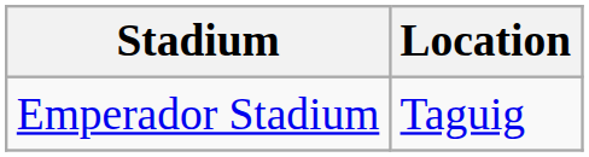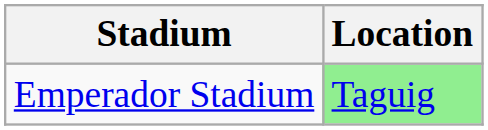 <table class="wikitable sortable">
 <tr>
 <th>Stadium</th>
 <th>Location</th>
 </tr>
 <tr>
 <td><a href='#'>Emperador Stadium</a></td>
-<td><a href='#'>Taguig</a></td>
+<td style="background: lightgreen;"><a href='#'>Taguig</a></td>
 </tr>
 </table>
